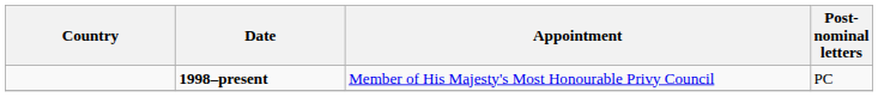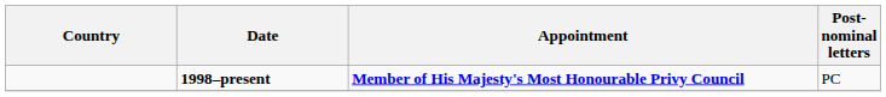 <table class="wikitable" style="width:100%;">
 <tr>
 <th style="width:20%;">Country</th>
 <th style="width:20%;">Date</th>
 <th style="width:55%;">Appointment</th>
 <th style="width:5%;">Post-nominal letters</th>
 </tr>
 <tr>
 <td></td>
 <td><strong>1998–present</strong></td>
-<td><a href='#'>Member of His Majesty's Most Honourable Privy Council</a></td>
+<td><strong><a href='#'>Member of His Majesty's Most Honourable Privy Council</a></strong></td>
 <td>PC</td>
 </tr>
 <tr>
 </tr>
 </table>
